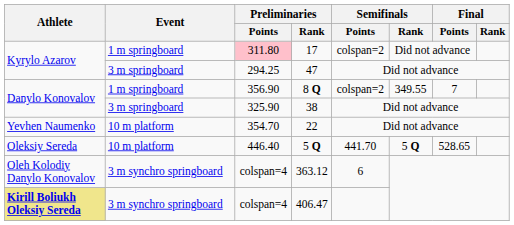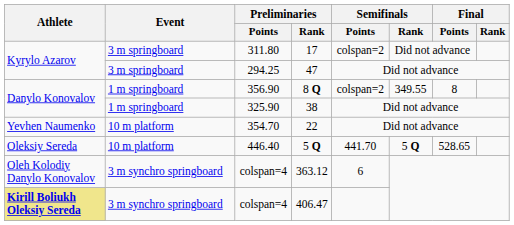 <table class="wikitable" style="text-align:center; font-size:90%; width:50%;">
 <tr>
 <th rowspan=2>Athlete</th>
 <th rowspan=2>Event</th>
 <th colspan=2>Preliminaries</th>
 <th colspan=2>Semifinals</th>
 <th colspan=2>Final</th>
 </tr>
 <tr style="font-size:95%">
 <th>Points</th>
 <th>Rank</th>
 <th>Points</th>
 <th>Rank</th>
 <th>Points</th>
 <th>Rank</th>
 </tr>
 <tr>
 <td align=left rowspan=2><a href='#'>Kyrylo Azarov</a></td>
-<td align=left><a href='#'>1 m springboard</a></td>
-<td style="background: pink;">311.80</td>
+<td align=left><a href='#'>3 m springboard</a></td>
+<td>311.80</td>
 <td>17</td>
 <td>colspan=2 </td>
 <td colspan=2>Did not advance</td>
 </tr>
 <tr>
 <td align=left><a href='#'>3 m springboard</a></td>
 <td>294.25</td>
 <td>47</td>
 <td colspan=4>Did not advance</td>
 </tr>
 <tr>
 <td align=left rowspan=2><a href='#'>Danylo Konovalov</a></td>
 <td align=left><a href='#'>1 m springboard</a></td>
 <td>356.90</td>
 <td>8 <strong>Q</strong></td>
 <td>colspan=2 </td>
 <td>349.55</td>
-<td>7</td>
+<td>8</td>
 </tr>
 <tr>
-<td align=left><a href='#'>3 m springboard</a></td>
+<td align=left><a href='#'>1 m springboard</a></td>
 <td>325.90</td>
 <td>38</td>
 <td colspan=4>Did not advance</td>
 </tr>
 <tr>
 <td align=left><a href='#'>Yevhen Naumenko</a></td>
 <td align=left><a href='#'>10 m platform</a></td>
 <td>354.70</td>
 <td>22</td>
 <td colspan=4>Did not advance</td>
 </tr>
 <tr>
 <td align=left><a href='#'>Oleksiy Sereda</a></td>
 <td align=left><a href='#'>10 m platform</a></td>
 <td>446.40</td>
 <td>5 <strong>Q</strong></td>
 <td>441.70</td>
 <td>5 <strong>Q</strong></td>
 <td>528.65</td>
 <td></td>
 </tr>
 <tr>
 <td align=left><a href='#'>Oleh Kolodiy</a><br><a href='#'>Danylo Konovalov</a></td>
 <td align=left><a href='#'>3 m synchro springboard</a></td>
 <td>colspan=4 </td>
 <td>363.12</td>
 <td>6</td>
 </tr>
 <tr>
 <td align=left style="background: khaki;"><strong><a href='#'>Kirill Boliukh</a><br><a href='#'>Oleksiy Sereda</a></strong></td>
 <td align=left><a href='#'>3 m synchro springboard</a></td>
 <td>colspan=4 </td>
 <td>406.47</td>
 <td></td>
 </tr>
 </table>
